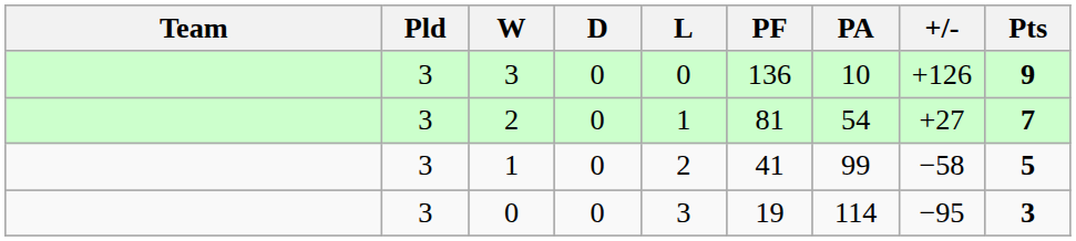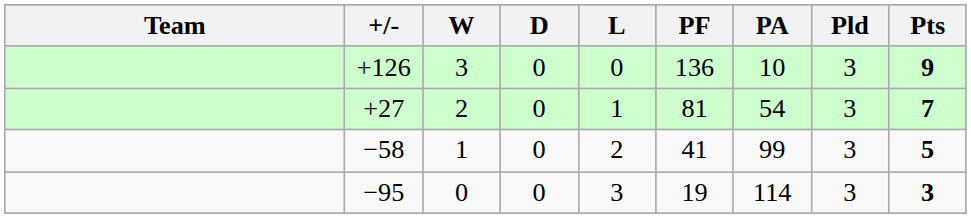 <table class="wikitable" style="text-align: center;">
 <tr>
 <th width="200">Team</th>
-<th width="40">Pld</th>
+<th width="40">+/-</th>
 <th width="40">W</th>
 <th width="40">D</th>
 <th width="40">L</th>
 <th width="40">PF</th>
 <th width="40">PA</th>
-<th width="40">+/-</th>
+<th width="40">Pld</th>
 <th width="40">Pts</th>
 </tr>
 <tr bgcolor="#ccffcc">
 <td align=left></td>
-<td>3</td>
+<td>+126</td>
 <td>3</td>
 <td>0</td>
 <td>0</td>
 <td>136</td>
 <td>10</td>
-<td>+126</td>
+<td>3</td>
 <td><strong>9</strong></td>
 </tr>
 <tr bgcolor="#ccffcc">
 <td align=left></td>
-<td>3</td>
+<td>+27</td>
 <td>2</td>
 <td>0</td>
 <td>1</td>
 <td>81</td>
 <td>54</td>
-<td>+27</td>
+<td>3</td>
 <td><strong>7</strong></td>
 </tr>
 <tr>
 <td align=left></td>
-<td>3</td>
+<td>−58</td>
 <td>1</td>
 <td>0</td>
 <td>2</td>
 <td>41</td>
 <td>99</td>
-<td>−58</td>
+<td>3</td>
 <td><strong>5</strong></td>
 </tr>
 <tr>
 <td align=left></td>
-<td>3</td>
+<td>−95</td>
 <td>0</td>
 <td>0</td>
 <td>3</td>
 <td>19</td>
 <td>114</td>
-<td>−95</td>
+<td>3</td>
 <td><strong>3</strong></td>
 </tr>
 </table>
